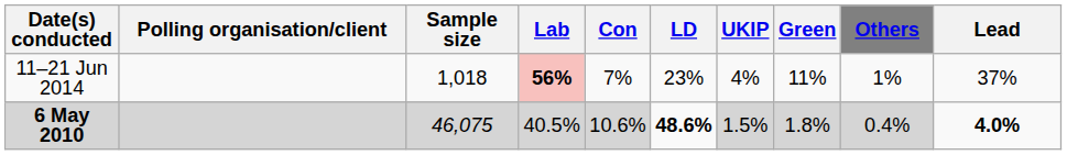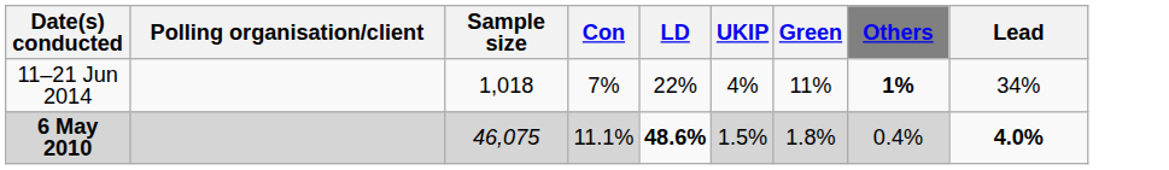 <table class="wikitable sortable" style="text-align:center;font-size:90%;line-height:14px">
 <tr>
 <th ! style="width:75px;">Date(s)<br>conducted</th>
 <th style="width:200px;">Polling organisation/client</th>
 <th class="unsortable" style="width:75px;">Sample size</th>
-<th class="unsortable" style="background:"><a href='#'><span>Lab</span></a></th>
 <th class="unsortable" style="background:"><a href='#'><span>Con</span></a></th>
 <th class="unsortable" style="background:"><a href='#'><span>LD</span></a></th>
 <th class="unsortable" style="background:"><a href='#'><span>UKIP</span></a></th>
 <th class="unsortable" style="background:"><a href='#'><span>Green</span></a></th>
 <th class="unsortable" style="background:gray; width:60px;"><a href='#'><span>Others</span></a></th>
 <th class="unsortable" style="width:85px;">Lead</th>
 </tr>
 <tr>
 <td>11–21 Jun 2014</td>
 <td></td>
 <td>1,018</td>
-<td style="background:#F8C1BE"><strong>56%</strong></td>
 <td>7%</td>
-<td>23%</td>
+<td>22%</td>
 <td>4%</td>
 <td>11%</td>
-<td>1%</td>
-<td style="background:">37%</td>
+<td><strong>1%</strong></td>
+<td style="background:">34%</td>
 </tr>
 <tr>
 <td style="background:#D5D5D5"><strong>6 May 2010</strong></td>
 <td style="background:#D5D5D5"></td>
 <td style="background:#D5D5D5"><em>46,075</em></td>
-<td style="background:#D5D5D5">40.5%</td>
-<td style="background:#D5D5D5">10.6%</td>
+<td style="background:#D5D5D5">11.1%</td>
 <td style="background:"><strong>48.6%</strong></td>
 <td style="background:#D5D5D5">1.5%</td>
 <td style="background:#D5D5D5">1.8%</td>
 <td style="background:#D5D5D5">0.4%</td>
 <td style="background:"><strong>4.0% </strong></td>
 </tr>
 </table>
